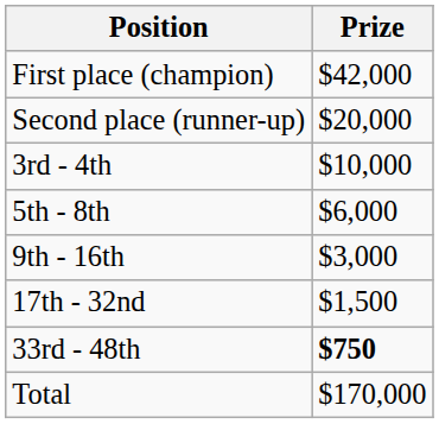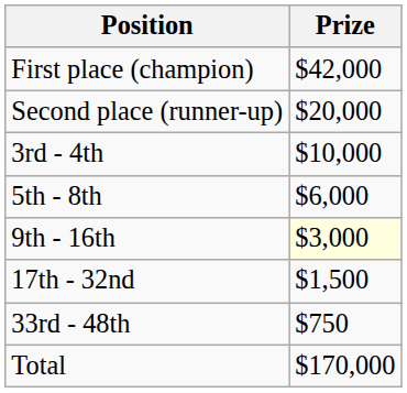 <table class="wikitable">
 <tr>
 <th>Position</th>
 <th>Prize</th>
 </tr>
 <tr>
 <td>First place (champion)</td>
 <td>$42,000</td>
 </tr>
 <tr>
 <td>Second place (runner-up)</td>
 <td>$20,000</td>
 </tr>
 <tr>
 <td>3rd - 4th</td>
 <td>$10,000</td>
 </tr>
 <tr>
 <td>5th - 8th</td>
 <td>$6,000</td>
 </tr>
 <tr>
 <td>9th - 16th</td>
-<td>$3,000</td>
+<td style="background: lightyellow;">$3,000</td>
 </tr>
 <tr>
 <td>17th - 32nd</td>
 <td>$1,500</td>
 </tr>
 <tr>
 <td>33rd - 48th</td>
-<td><strong>$750</strong></td>
+<td>$750</td>
 </tr>
 <tr>
 <td>Total</td>
 <td>$170,000</td>
 </tr>
 </table>
